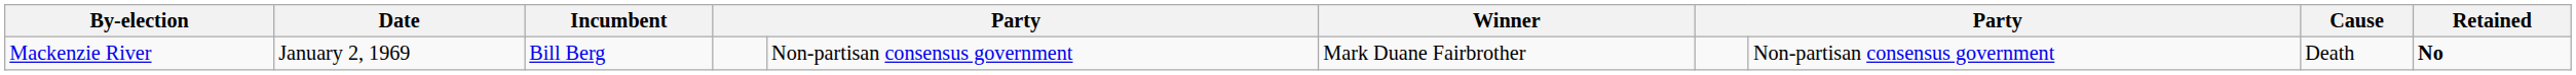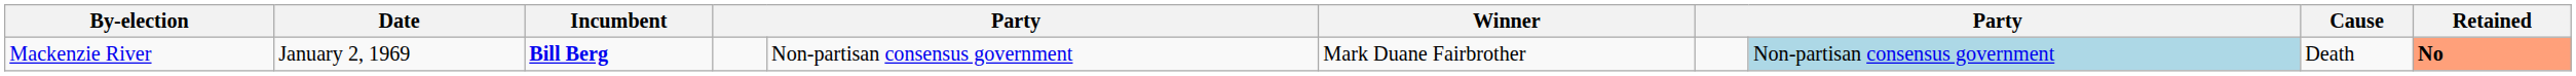 <table class=wikitable style="width:100%">
 <tr>
 <th>By-election</th>
 <th>Date</th>
 <th>Incumbent</th>
 <th colspan=2>Party</th>
 <th>Winner</th>
 <th colspan=2>Party</th>
 <th>Cause</th>
 <th>Retained</th>
 </tr>
 <tr>
 <td><a href='#'>Mackenzie River</a></td>
 <td>January 2, 1969</td>
-<td><a href='#'>Bill Berg</a></td>
+<td><strong><a href='#'>Bill Berg</a></strong></td>
 <td>    </td>
 <td>Non-partisan <a href='#'>consensus government</a></td>
 <td>Mark Duane Fairbrother</td>
 <td>    </td>
-<td>Non-partisan <a href='#'>consensus government</a></td>
+<td style="background: lightblue;">Non-partisan <a href='#'>consensus government</a></td>
 <td>Death</td>
-<td><strong>No</strong></td>
+<td style="background: lightsalmon;"><strong>No</strong></td>
 </tr>
 </table>
